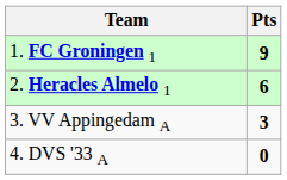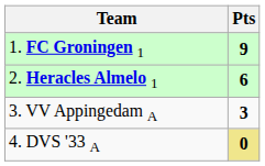 <table class="wikitable" style="text-align:center; float:left; margin-right:1em">
 <tr>
 <th style="width:200px">Team</th>
 <th width=20>Pts</th>
 </tr>
 <tr bgcolor=ccffcc>
 <td align=left>1. <strong><a href='#'>FC Groningen</a></strong> <sub>1</sub></td>
 <td><strong>9</strong></td>
 </tr>
 <tr bgcolor=ccffcc>
 <td align=left>2. <strong><a href='#'>Heracles Almelo</a></strong> <sub>1</sub></td>
 <td><strong>6</strong></td>
 </tr>
 <tr>
 <td align=left>3. VV Appingedam <sub>A</sub></td>
 <td><strong>3</strong></td>
 </tr>
 <tr>
 <td align=left>4. DVS '33 <sub>A</sub></td>
-<td><strong>0</strong></td>
+<td style="background: khaki;"><strong>0</strong></td>
 </tr>
 </table>
